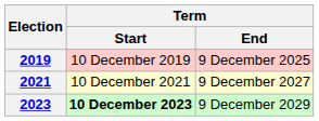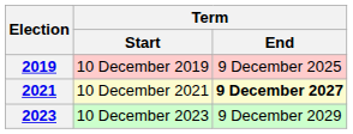 <table class="wikitable" style="text-align:center">
 <tr>
 <th rowspan="2">Election</th>
 <th colspan="2">Term</th>
 </tr>
 <tr>
 <th>Start</th>
 <th>End</th>
 </tr>
 <tr>
 <th><a href='#'>2019</a></th>
 <td bgcolor="#fcc">10 December 2019</td>
 <td bgcolor="#fcc">9 December 2025</td>
 </tr>
 <tr>
 <th><a href='#'>2021</a></th>
 <td bgcolor="#fcfccf">10 December 2021</td>
-<td bgcolor="#fcfccf">9 December 2027</td>
+<td bgcolor="#fcfccf"><strong>9 December 2027</strong></td>
 </tr>
 <tr>
 <th><a href='#'>2023</a></th>
-<td bgcolor="#cfc"><strong>10 December 2023</strong></td>
+<td bgcolor="#cfc">10 December 2023</td>
 <td bgcolor="#cfc">9 December 2029</td>
 </tr>
 </table>
